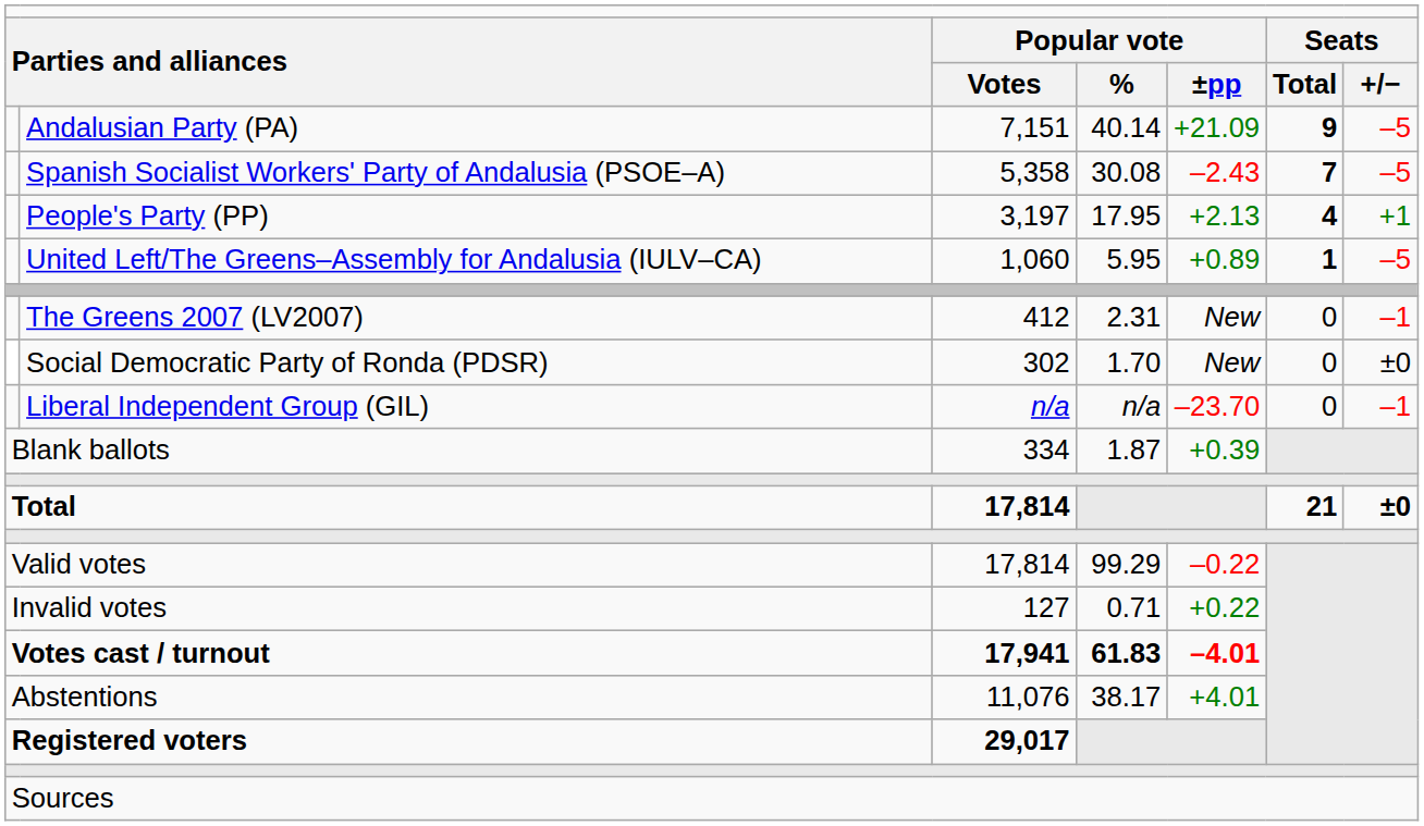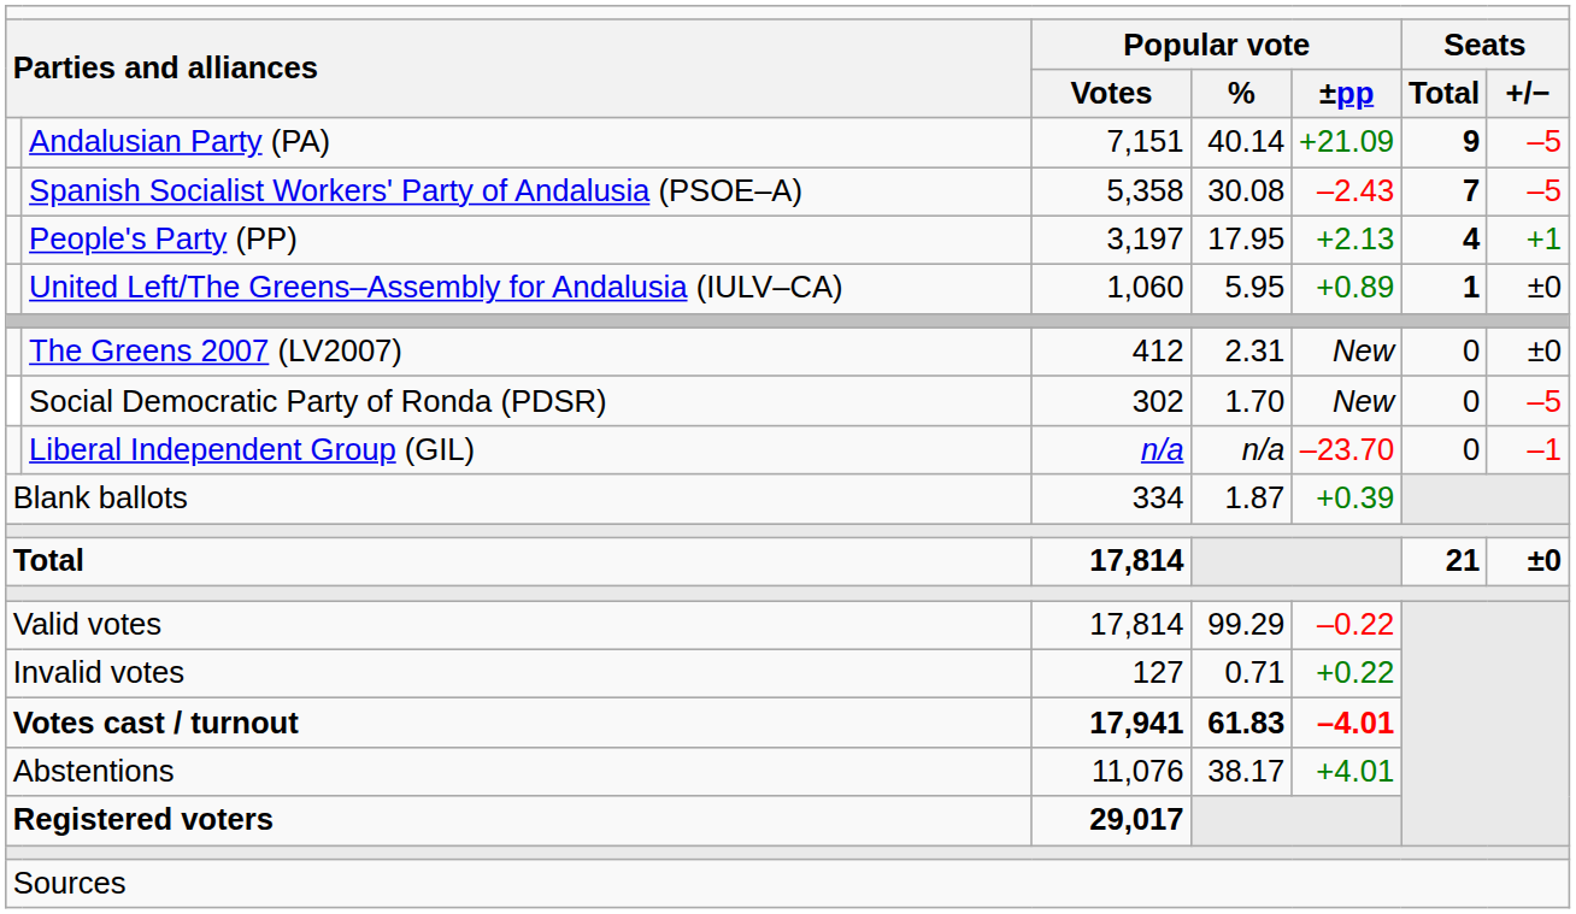 <table class="wikitable" style="text-align:right;">
 <tr>
 <td colspan="7"></td>
 </tr>
 <tr>
 <th style="text-align:left;" rowspan="2" colspan="2" width="525">Parties and alliances</th>
 <th colspan="3">Popular vote</th>
 <th colspan="2">Seats</th>
 </tr>
 <tr>
 <th width="75">Votes</th>
 <th width="45">%</th>
 <th width="45">±<a href='#'>pp</a></th>
 <th width="35">Total</th>
 <th width="35">+/−</th>
 </tr>
 <tr>
 <td width="1" style="color:inherit;background:"></td>
 <td align="left"><a href='#'>Andalusian Party</a> (PA)</td>
 <td>7,151</td>
 <td>40.14</td>
 <td style="color:green;">+21.09</td>
 <td><strong>9</strong></td>
 <td style="color:red;">–5</td>
 </tr>
 <tr>
 <td style="color:inherit;background:"></td>
 <td align="left"><a href='#'>Spanish Socialist Workers' Party of Andalusia</a> (PSOE–A)</td>
 <td>5,358</td>
 <td>30.08</td>
 <td style="color:red;">–2.43</td>
 <td><strong>7</strong></td>
 <td style="color:red;">–5</td>
 </tr>
 <tr>
 <td style="color:inherit;background:"></td>
 <td align="left"><a href='#'>People's Party</a> (PP)</td>
 <td>3,197</td>
 <td>17.95</td>
 <td style="color:green;">+2.13</td>
 <td><strong>4</strong></td>
 <td style="color:green;">+1</td>
 </tr>
 <tr>
 <td style="color:inherit;background:"></td>
 <td align="left"><a href='#'>United Left/The Greens–Assembly for Andalusia</a> (IULV–CA)</td>
 <td>1,060</td>
 <td>5.95</td>
 <td style="color:green;">+0.89</td>
 <td><strong>1</strong></td>
-<td style="color:red;">–5</td>
+<td>±0</td>
 </tr>
 <tr>
 <td colspan="7" bgcolor="#C0C0C0"></td>
 </tr>
 <tr>
 <td style="color:inherit;background:"></td>
 <td align="left"><a href='#'>The Greens 2007</a> (LV2007)</td>
 <td>412</td>
 <td>2.31</td>
 <td><em>New</em></td>
 <td>0</td>
-<td style="color:red;">–1</td>
+<td>±0</td>
 </tr>
 <tr>
 <td bgcolor="white"></td>
 <td align="left">Social Democratic Party of Ronda (PDSR)</td>
 <td>302</td>
 <td>1.70</td>
 <td><em>New</em></td>
 <td>0</td>
-<td>±0</td>
+<td style="color:red;">–5</td>
 </tr>
 <tr>
 <td style="color:inherit;background:"></td>
 <td align="left"><a href='#'>Liberal Independent Group</a> (GIL)</td>
 <td><em><a href='#'>n/a</a></em></td>
 <td><em>n/a</em></td>
 <td style="color:red;">–23.70</td>
 <td>0</td>
 <td style="color:red;">–1</td>
 </tr>
 <tr>
 <td align="left" colspan="2">Blank ballots</td>
 <td>334</td>
 <td>1.87</td>
 <td style="color:green;">+0.39</td>
 <td bgcolor="#E9E9E9" colspan="2"></td>
 </tr>
 <tr>
 <td colspan="7" bgcolor="#E9E9E9"></td>
 </tr>
 <tr style="font-weight:bold;">
 <td align="left" colspan="2">Total</td>
 <td>17,814</td>
 <td bgcolor="#E9E9E9" colspan="2"></td>
 <td>21</td>
 <td>±0</td>
 </tr>
 <tr>
 <td colspan="7" bgcolor="#E9E9E9"></td>
 </tr>
 <tr>
 <td align="left" colspan="2">Valid votes</td>
 <td>17,814</td>
 <td>99.29</td>
 <td style="color:red;">–0.22</td>
 <td bgcolor="#E9E9E9" colspan="2" rowspan="5"></td>
 </tr>
 <tr>
 <td align="left" colspan="2">Invalid votes</td>
 <td>127</td>
 <td>0.71</td>
 <td style="color:green;">+0.22</td>
 </tr>
 <tr style="font-weight:bold;">
 <td align="left" colspan="2">Votes cast / turnout</td>
 <td>17,941</td>
 <td>61.83</td>
 <td style="color:red;">–4.01</td>
 </tr>
 <tr>
 <td align="left" colspan="2">Abstentions</td>
 <td>11,076</td>
 <td>38.17</td>
 <td style="color:green;">+4.01</td>
 </tr>
 <tr style="font-weight:bold;">
 <td align="left" colspan="2">Registered voters</td>
 <td>29,017</td>
 <td bgcolor="#E9E9E9" colspan="2"></td>
 </tr>
 <tr>
 <td colspan="7" bgcolor="#E9E9E9"></td>
 </tr>
 <tr>
 <td align="left" colspan="7">Sources</td>
 </tr>
 </table>
